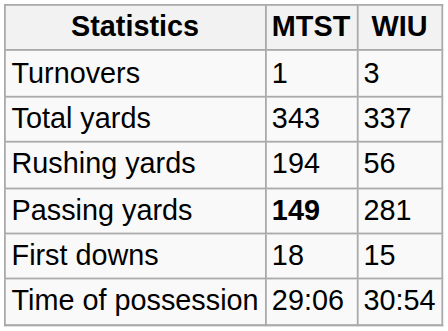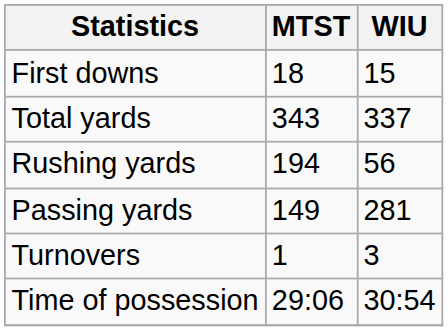 <table class="wikitable">
 <tr>
 <th>Statistics</th>
 <th>MTST</th>
 <th>WIU</th>
 </tr>
 <tr>
-<td>Turnovers</td>
-<td>1</td>
-<td>3</td>
+<td>First downs</td>
+<td>18</td>
+<td>15</td>
 </tr>
 <tr>
 <td>Total yards</td>
 <td>343</td>
 <td>337</td>
 </tr>
 <tr>
 <td>Rushing yards</td>
 <td>194</td>
 <td>56</td>
 </tr>
 <tr>
 <td>Passing yards</td>
-<td><strong>149</strong></td>
+<td>149</td>
 <td>281</td>
 </tr>
 <tr>
-<td>First downs</td>
-<td>18</td>
-<td>15</td>
+<td>Turnovers</td>
+<td>1</td>
+<td>3</td>
 </tr>
 <tr>
 <td>Time of possession</td>
 <td>29:06</td>
 <td>30:54</td>
 </tr>
 <tr>
 </tr>
 </table>
